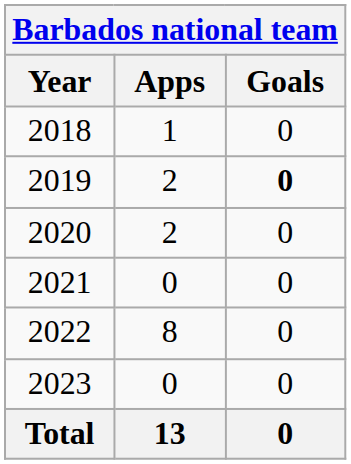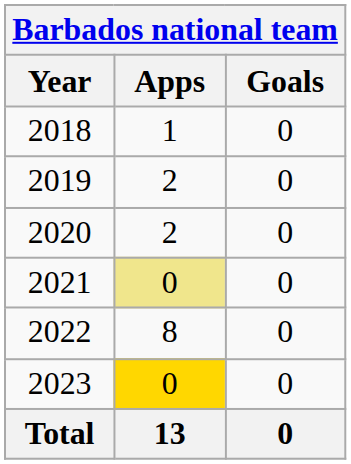 <table class="wikitable" style="text-align:center">
 <tr>
 <th colspan=3><a href='#'>Barbados national team</a></th>
 </tr>
 <tr>
 <th>Year</th>
 <th>Apps</th>
 <th>Goals</th>
 </tr>
 <tr>
 <td>2018</td>
 <td>1</td>
 <td>0</td>
 </tr>
 <tr>
 <td>2019</td>
 <td>2</td>
-<td><strong>0</strong></td>
+<td>0</td>
 </tr>
 <tr>
 <td>2020</td>
 <td>2</td>
 <td>0</td>
 </tr>
 <tr>
 <td>2021</td>
-<td>0</td>
+<td style="background: khaki;">0</td>
 <td>0</td>
 </tr>
 <tr>
 <td>2022</td>
 <td>8</td>
 <td>0</td>
 </tr>
 <tr>
 <td>2023</td>
-<td>0</td>
+<td style="background: gold;">0</td>
 <td>0</td>
 </tr>
 <tr>
 <th>Total</th>
 <th>13</th>
 <th>0</th>
 </tr>
 </table>
